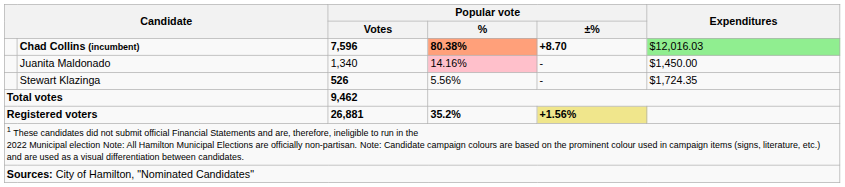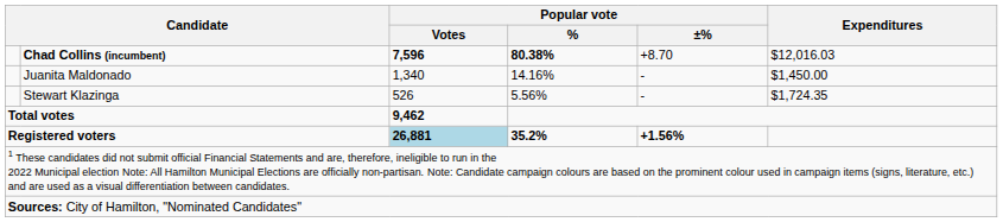 <table class="wikitable">
 <tr>
 <th colspan="2" rowspan="2">Candidate</th>
 <th colspan="3">Popular vote</th>
 <th colspan="2" rowspan="2">Expenditures</th>
 </tr>
 <tr>
 <th>Votes</th>
 <th>%</th>
 <th>±%</th>
 </tr>
 <tr>
 <td></td>
 <td><strong>Chad Collins <small>(incumbent)</small></strong></td>
 <td><strong>7,596</strong></td>
-<td style="background: lightsalmon;"><strong>80.38%</strong></td>
-<td><strong>+8.70</strong></td>
-<td style="background: lightgreen;">$12,016.03</td>
+<td><strong>80.38%</strong></td>
+<td>+8.70</td>
+<td>$12,016.03</td>
 </tr>
 <tr>
 <td></td>
 <td>Juanita Maldonado</td>
 <td>1,340</td>
-<td style="background: pink;">14.16%</td>
+<td>14.16%</td>
 <td>-</td>
 <td>$1,450.00</td>
 </tr>
 <tr>
 <td></td>
 <td>Stewart Klazinga</td>
-<td><strong>526</strong></td>
+<td>526</td>
 <td>5.56%</td>
 <td>-</td>
 <td>$1,724.35</td>
 </tr>
 <tr>
 <td colspan="2"><strong>Total votes</strong></td>
 <td><strong>9,462</strong></td>
 <td colspan="3"></td>
 </tr>
 <tr>
 <td colspan="2"><strong>Registered voters</strong></td>
-<td><strong>26,881</strong></td>
+<td style="background: lightblue;"><strong>26,881</strong></td>
 <td><strong>35.2%</strong></td>
-<td style="background: khaki;"><strong>+1.56%</strong></td>
+<td><strong>+1.56%</strong></td>
 <td></td>
 </tr>
 <tr>
 <td colspan="6"><small><sup>1</sup> These candidates did not submit official Financial Statements and are, therefore, ineligible to run in the</small><br><small>2022 Municipal election</small>  <small>Note: All Hamilton Municipal Elections are officially non-partisan.</small>  <small>Note: Candidate campaign colours are based on the prominent colour used in campaign items (signs, literature, etc.)</small> <small>and are used as a visual differentiation between candidates.</small></td>
 </tr>
 <tr>
 <td colspan="13"><strong>Sources:</strong> City of Hamilton, "Nominated Candidates"</td>
 </tr>
 </table>
